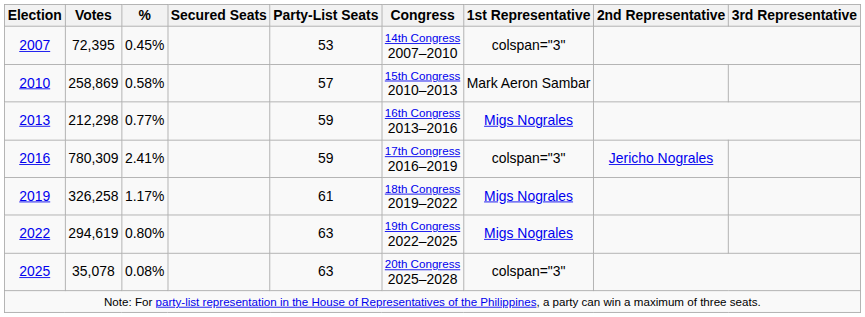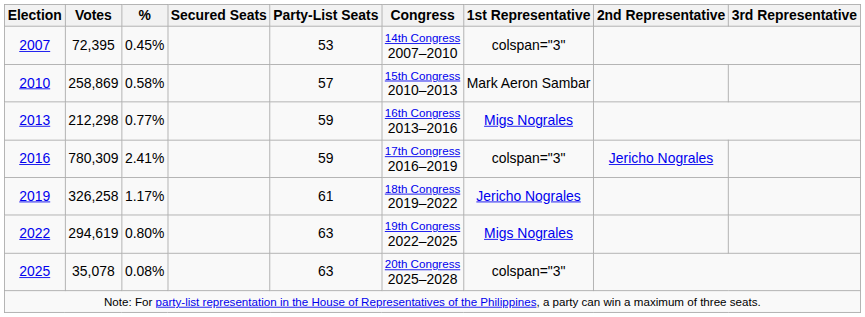 <table class="wikitable" style="text-align:center">
 <tr>
 <th>Election</th>
 <th>Votes</th>
 <th>%</th>
 <th>Secured Seats</th>
 <th>Party-List Seats</th>
 <th>Congress</th>
 <th>1st Representative</th>
 <th>2nd Representative</th>
 <th>3rd Representative</th>
 </tr>
 <tr>
 <td><a href='#'>2007</a></td>
 <td>72,395</td>
 <td>0.45%</td>
 <td></td>
 <td>53</td>
 <td><small><a href='#'>14th Congress</a></small><br>2007–2010</td>
 <td>colspan="3" </td>
 </tr>
 <tr>
 <td><a href='#'>2010</a></td>
 <td>258,869</td>
 <td>0.58%</td>
 <td></td>
 <td>57</td>
 <td><small><a href='#'>15th Congress</a></small><br>2010–2013</td>
 <td>Mark Aeron Sambar</td>
 <td></td>
 <td></td>
 </tr>
 <tr>
 <td><a href='#'>2013</a></td>
 <td>212,298</td>
 <td>0.77%</td>
 <td></td>
 <td>59</td>
 <td><small><a href='#'>16th Congress</a></small><br>2013–2016</td>
 <td><a href='#'>Migs Nograles</a></td>
 </tr>
 <tr>
 <td><a href='#'>2016</a></td>
 <td>780,309</td>
 <td>2.41%</td>
 <td></td>
 <td>59</td>
 <td><small><a href='#'>17th Congress</a></small><br>2016–2019</td>
 <td>colspan="3" </td>
 <td><a href='#'>Jericho Nograles</a></td>
 <td></td>
 </tr>
 <tr>
 <td><a href='#'>2019</a></td>
 <td>326,258</td>
 <td>1.17%</td>
 <td></td>
 <td>61</td>
 <td><small><a href='#'>18th Congress</a></small><br>2019–2022</td>
-<td><a href='#'>Migs Nograles</a></td>
+<td><a href='#'>Jericho Nograles</a></td>
 <td></td>
 <td></td>
 </tr>
 <tr>
 <td><a href='#'>2022</a></td>
 <td>294,619</td>
 <td>0.80%</td>
 <td></td>
 <td>63</td>
 <td><small><a href='#'>19th Congress</a></small><br>2022–2025</td>
 <td><a href='#'>Migs Nograles</a></td>
 <td></td>
 <td></td>
 </tr>
 <tr>
 <td><a href='#'>2025</a></td>
 <td>35,078</td>
 <td>0.08%</td>
 <td></td>
 <td>63</td>
 <td><small><a href='#'>20th Congress</a></small><br>2025–2028</td>
 <td>colspan="3" </td>
 </tr>
 <tr>
 <td colspan="9"><small>Note: For <a href='#'>party-list representation in the House of Representatives of the Philippines</a>, a party can win a maximum of three seats.</small></td>
 </tr>
 </table>
